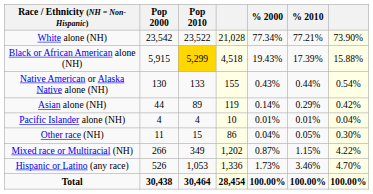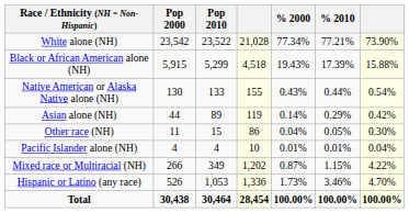 <table class="wikitable" style="text-align:center;">
 <tr>
 <th>Race / Ethnicity <small>(<em>NH = Non-Hispanic</em>)</small></th>
 <th>Pop 2000</th>
 <th>Pop 2010</th>
 <th></th>
 <th>% 2000</th>
 <th>% 2010</th>
 <th></th>
 </tr>
 <tr>
 <td><a href='#'>White</a> alone (NH)</td>
 <td>23,542</td>
 <td>23,522</td>
 <td style='background: #ffffe6;'>21,028</td>
 <td>77.34%</td>
 <td>77.21%</td>
 <td style='background: #ffffe6;'>73.90%</td>
 </tr>
 <tr>
 <td><a href='#'>Black or African American</a> alone (NH)</td>
 <td>5,915</td>
-<td style="background: gold;">5,299</td>
+<td>5,299</td>
 <td style='background: #ffffe6;'>4,518</td>
 <td>19.43%</td>
 <td>17.39%</td>
 <td style='background: #ffffe6;'>15.88%</td>
 </tr>
 <tr>
 <td><a href='#'>Native American</a> or <a href='#'>Alaska Native</a> alone (NH)</td>
 <td>130</td>
 <td>133</td>
 <td style='background: #ffffe6;'>155</td>
 <td>0.43%</td>
 <td>0.44%</td>
 <td style='background: #ffffe6;'>0.54%</td>
 </tr>
 <tr>
 <td><a href='#'>Asian</a> alone (NH)</td>
 <td>44</td>
 <td>89</td>
 <td style='background: #ffffe6;'>119</td>
 <td>0.14%</td>
 <td>0.29%</td>
 <td style='background: #ffffe6;'>0.42%</td>
 </tr>
 <tr>
+<td><a href='#'>Other race</a> (NH)</td>
+<td>11</td>
+<td>15</td>
+<td style='background: #ffffe6;'>86</td>
+<td>0.04%</td>
+<td>0.05%</td>
+<td style='background: #ffffe6;'>0.30%</td>
+</tr>
+<tr>
 <td><a href='#'>Pacific Islander</a> alone (NH)</td>
 <td>4</td>
 <td>4</td>
 <td style='background: #ffffe6;'>10</td>
 <td>0.01%</td>
 <td>0.01%</td>
 <td style='background: #ffffe6;'>0.04%</td>
-</tr>
-<tr>
-<td><a href='#'>Other race</a> (NH)</td>
-<td>11</td>
-<td>15</td>
-<td style='background: #ffffe6;'>86</td>
-<td>0.04%</td>
-<td>0.05%</td>
-<td style='background: #ffffe6;'>0.30%</td>
 </tr>
 <tr>
 <td><a href='#'>Mixed race or Multiracial</a> (NH)</td>
 <td>266</td>
 <td>349</td>
 <td style='background: #ffffe6;'>1,202</td>
 <td>0.87%</td>
 <td>1.15%</td>
 <td style='background: #ffffe6;'>4.22%</td>
 </tr>
 <tr>
 <td><a href='#'>Hispanic or Latino</a> (any race)</td>
 <td>526</td>
 <td>1,053</td>
 <td style='background: #ffffe6;'>1,336</td>
 <td>1.73%</td>
 <td>3.46%</td>
 <td style='background: #ffffe6;'>4.70%</td>
 </tr>
 <tr>
 <td><strong>Total</strong></td>
 <td><strong>30,438</strong></td>
 <td><strong>30,464</strong></td>
 <td style='background: #ffffe6;'><strong>28,454</strong></td>
 <td><strong>100.00%</strong></td>
 <td><strong>100.00%</strong></td>
 <td style='background: #ffffe6;'><strong>100.00%</strong></td>
 </tr>
 </table>
